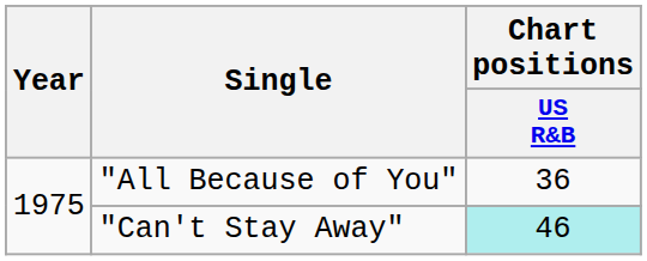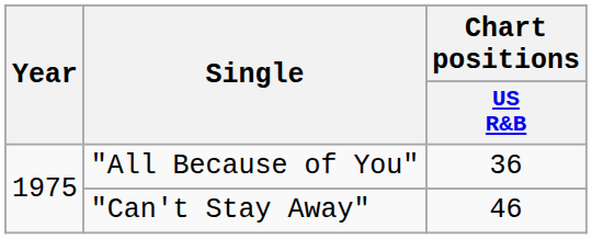 <table class="wikitable" style="text-align:center;">
 <tr>
 <th rowspan="2">Year</th>
 <th rowspan="2">Single</th>
 <th>Chart positions</th>
 </tr>
 <tr style="font-size:smaller;">
 <th width="40"><a href='#'>US<br>R&B</a></th>
 </tr>
 <tr>
 <td rowspan="2">1975</td>
 <td align="left">"All Because of You"</td>
 <td>36</td>
 </tr>
 <tr>
 <td align="left">"Can't Stay Away"</td>
-<td style="background: paleturquoise;">46</td>
+<td>46</td>
 </tr>
 </table>
